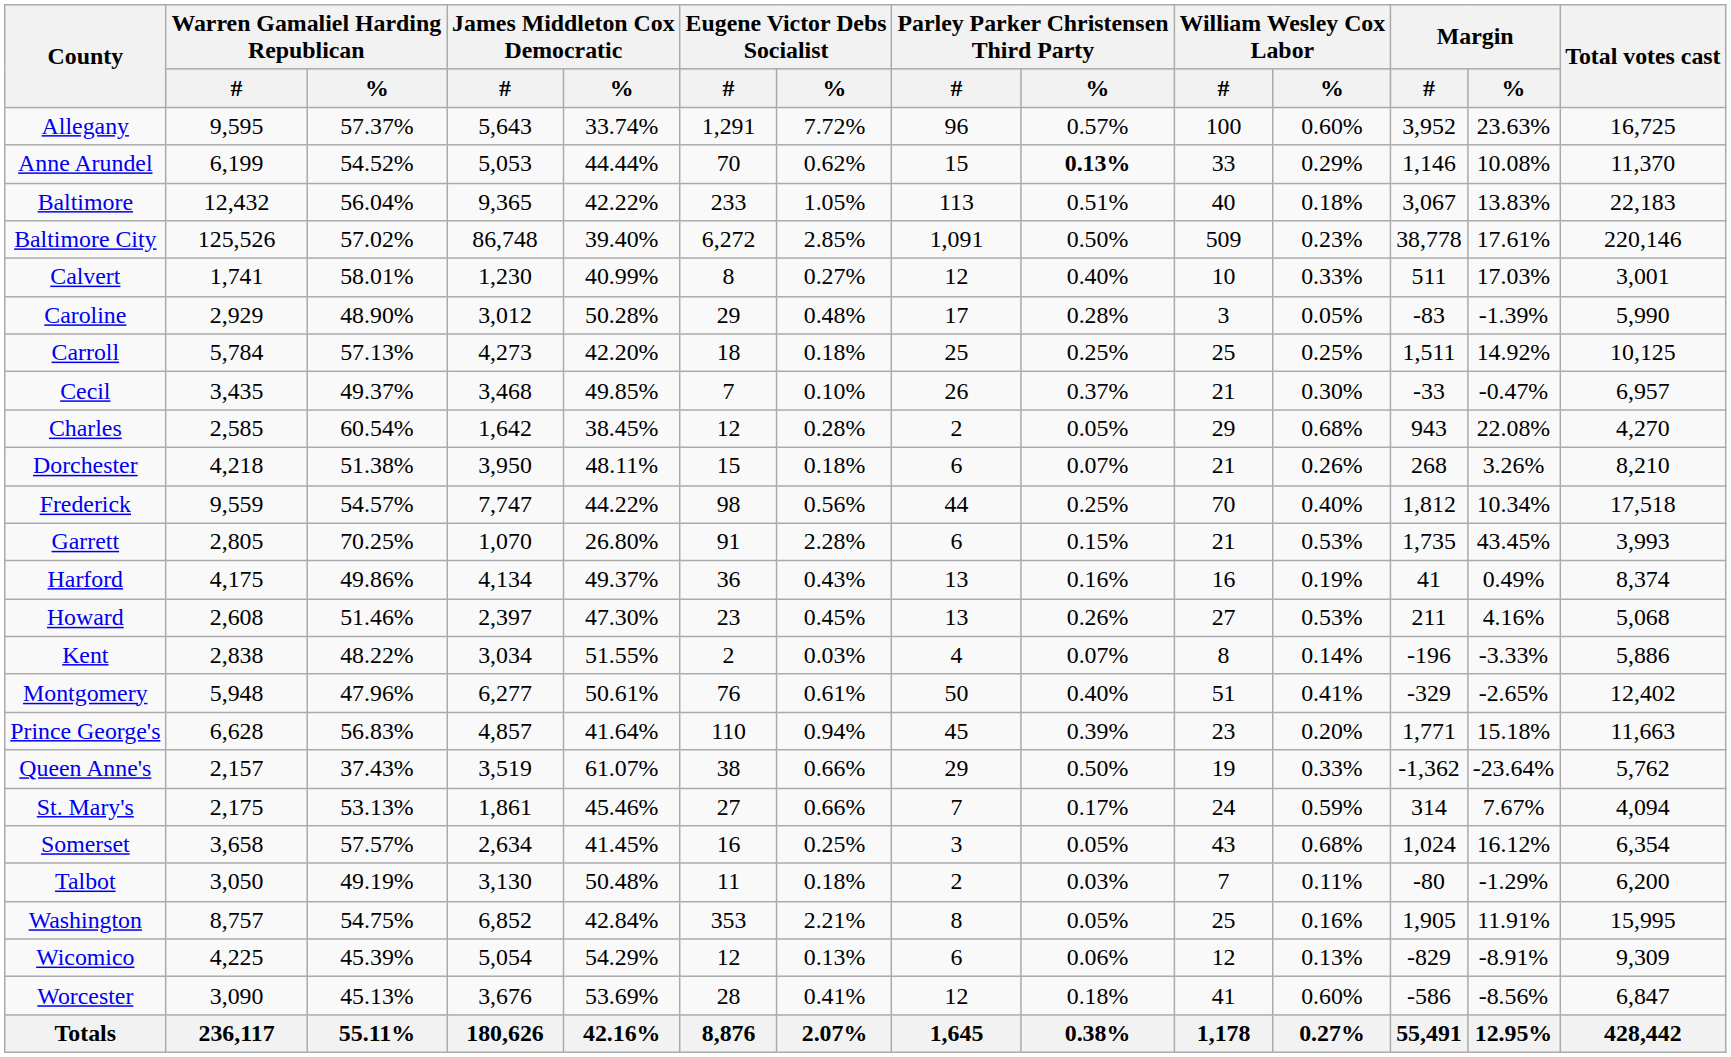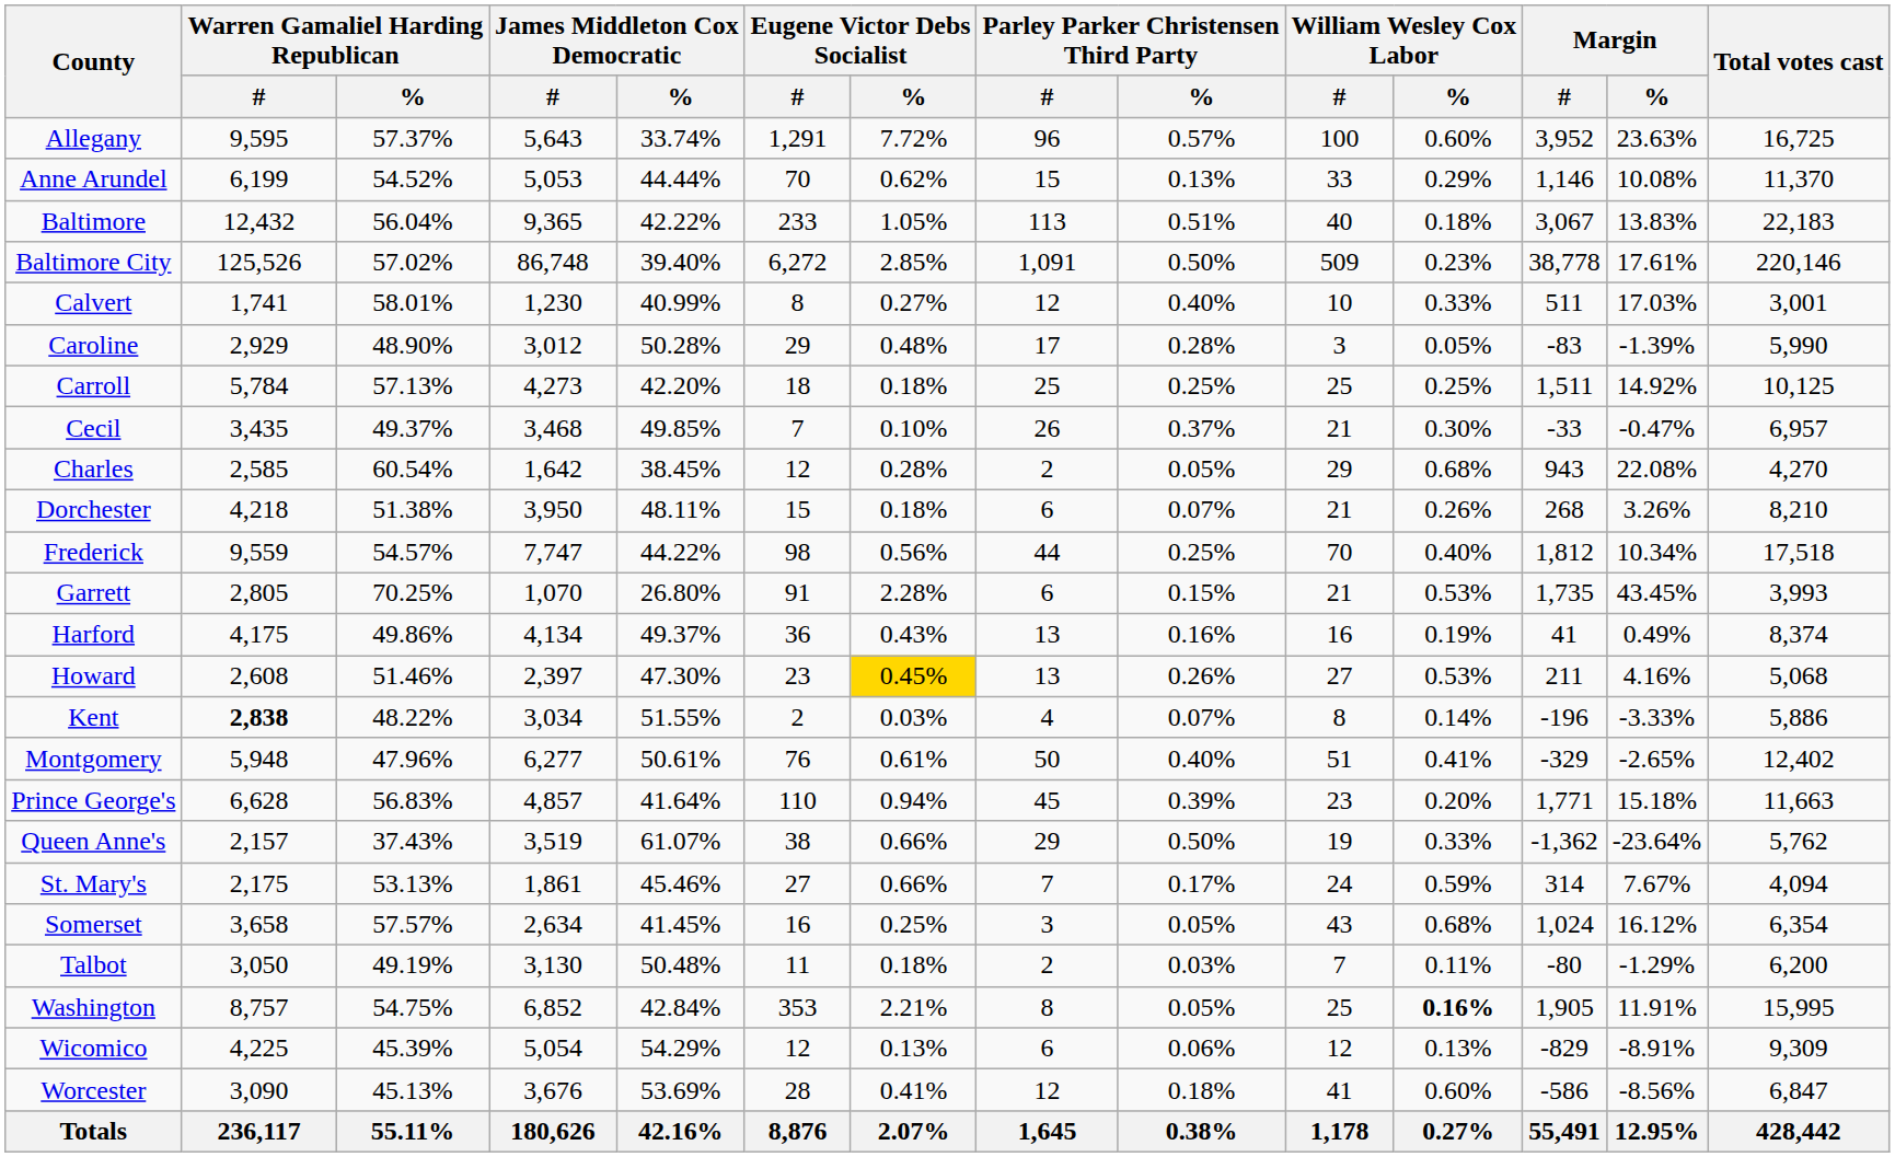 <table class="wikitable sortable" style="text-align:center">
 <tr>
 <th rowspan="2" style="text-align:center;">County</th>
 <th colspan="2" style="text-align:center;">Warren Gamaliel Harding<br>Republican</th>
 <th colspan="2" style="text-align:center;">James Middleton Cox<br>Democratic</th>
 <th colspan="2" style="text-align:center;">Eugene Victor Debs<br>Socialist</th>
 <th colspan="2" style="text-align:center;">Parley Parker Christensen<br>Third Party</th>
 <th colspan="2" style="text-align:center;">William Wesley Cox<br>Labor</th>
 <th colspan="2" style="text-align:center;">Margin</th>
 <th rowspan="2" style="text-align:center;">Total votes cast</th>
 </tr>
 <tr bgcolor="lightgrey">
 <th data-sort-type="number">#</th>
 <th data-sort-type="number">%</th>
 <th data-sort-type="number">#</th>
 <th data-sort-type="number">%</th>
 <th data-sort-type="number">#</th>
 <th data-sort-type="number">%</th>
 <th data-sort-type="number">#</th>
 <th data-sort-type="number">%</th>
 <th data-sort-type="number">#</th>
 <th data-sort-type="number">%</th>
 <th data-sort-type="number">#</th>
 <th data-sort-type="number">%</th>
 </tr>
 <tr style="text-align:center;">
 <td><a href='#'>Allegany</a></td>
 <td>9,595</td>
 <td>57.37%</td>
 <td>5,643</td>
 <td>33.74%</td>
 <td>1,291</td>
 <td>7.72%</td>
 <td>96</td>
 <td>0.57%</td>
 <td>100</td>
 <td>0.60%</td>
 <td>3,952</td>
 <td>23.63%</td>
 <td>16,725</td>
 </tr>
 <tr style="text-align:center;">
 <td><a href='#'>Anne Arundel</a></td>
 <td>6,199</td>
 <td>54.52%</td>
 <td>5,053</td>
 <td>44.44%</td>
 <td>70</td>
 <td>0.62%</td>
 <td>15</td>
-<td><strong>0.13%</strong></td>
+<td>0.13%</td>
 <td>33</td>
 <td>0.29%</td>
 <td>1,146</td>
 <td>10.08%</td>
 <td>11,370</td>
 </tr>
 <tr style="text-align:center;">
 <td><a href='#'>Baltimore</a></td>
 <td>12,432</td>
 <td>56.04%</td>
 <td>9,365</td>
 <td>42.22%</td>
 <td>233</td>
 <td>1.05%</td>
 <td>113</td>
 <td>0.51%</td>
 <td>40</td>
 <td>0.18%</td>
 <td>3,067</td>
 <td>13.83%</td>
 <td>22,183</td>
 </tr>
 <tr style="text-align:center;">
 <td><a href='#'>Baltimore City</a></td>
 <td>125,526</td>
 <td>57.02%</td>
 <td>86,748</td>
 <td>39.40%</td>
 <td>6,272</td>
 <td>2.85%</td>
 <td>1,091</td>
 <td>0.50%</td>
 <td>509</td>
 <td>0.23%</td>
 <td>38,778</td>
 <td>17.61%</td>
 <td>220,146</td>
 </tr>
 <tr style="text-align:center;">
 <td><a href='#'>Calvert</a></td>
 <td>1,741</td>
 <td>58.01%</td>
 <td>1,230</td>
 <td>40.99%</td>
 <td>8</td>
 <td>0.27%</td>
 <td>12</td>
 <td>0.40%</td>
 <td>10</td>
 <td>0.33%</td>
 <td>511</td>
 <td>17.03%</td>
 <td>3,001</td>
 </tr>
 <tr style="text-align:center;">
 <td><a href='#'>Caroline</a></td>
 <td>2,929</td>
 <td>48.90%</td>
 <td>3,012</td>
 <td>50.28%</td>
 <td>29</td>
 <td>0.48%</td>
 <td>17</td>
 <td>0.28%</td>
 <td>3</td>
 <td>0.05%</td>
 <td>-83</td>
 <td>-1.39%</td>
 <td>5,990</td>
 </tr>
 <tr style="text-align:center;">
 <td><a href='#'>Carroll</a></td>
 <td>5,784</td>
 <td>57.13%</td>
 <td>4,273</td>
 <td>42.20%</td>
 <td>18</td>
 <td>0.18%</td>
 <td>25</td>
 <td>0.25%</td>
 <td>25</td>
 <td>0.25%</td>
 <td>1,511</td>
 <td>14.92%</td>
 <td>10,125</td>
 </tr>
 <tr style="text-align:center;">
 <td><a href='#'>Cecil</a></td>
 <td>3,435</td>
 <td>49.37%</td>
 <td>3,468</td>
 <td>49.85%</td>
 <td>7</td>
 <td>0.10%</td>
 <td>26</td>
 <td>0.37%</td>
 <td>21</td>
 <td>0.30%</td>
 <td>-33</td>
 <td>-0.47%</td>
 <td>6,957</td>
 </tr>
 <tr style="text-align:center;">
 <td><a href='#'>Charles</a></td>
 <td>2,585</td>
 <td>60.54%</td>
 <td>1,642</td>
 <td>38.45%</td>
 <td>12</td>
 <td>0.28%</td>
 <td>2</td>
 <td>0.05%</td>
 <td>29</td>
 <td>0.68%</td>
 <td>943</td>
 <td>22.08%</td>
 <td>4,270</td>
 </tr>
 <tr style="text-align:center;">
 <td><a href='#'>Dorchester</a></td>
 <td>4,218</td>
 <td>51.38%</td>
 <td>3,950</td>
 <td>48.11%</td>
 <td>15</td>
 <td>0.18%</td>
 <td>6</td>
 <td>0.07%</td>
 <td>21</td>
 <td>0.26%</td>
 <td>268</td>
 <td>3.26%</td>
 <td>8,210</td>
 </tr>
 <tr style="text-align:center;">
 <td><a href='#'>Frederick</a></td>
 <td>9,559</td>
 <td>54.57%</td>
 <td>7,747</td>
 <td>44.22%</td>
 <td>98</td>
 <td>0.56%</td>
 <td>44</td>
 <td>0.25%</td>
 <td>70</td>
 <td>0.40%</td>
 <td>1,812</td>
 <td>10.34%</td>
 <td>17,518</td>
 </tr>
 <tr style="text-align:center;">
 <td><a href='#'>Garrett</a></td>
 <td>2,805</td>
 <td>70.25%</td>
 <td>1,070</td>
 <td>26.80%</td>
 <td>91</td>
 <td>2.28%</td>
 <td>6</td>
 <td>0.15%</td>
 <td>21</td>
 <td>0.53%</td>
 <td>1,735</td>
 <td>43.45%</td>
 <td>3,993</td>
 </tr>
 <tr style="text-align:center;">
 <td><a href='#'>Harford</a></td>
 <td>4,175</td>
 <td>49.86%</td>
 <td>4,134</td>
 <td>49.37%</td>
 <td>36</td>
 <td>0.43%</td>
 <td>13</td>
 <td>0.16%</td>
 <td>16</td>
 <td>0.19%</td>
 <td>41</td>
 <td>0.49%</td>
 <td>8,374</td>
 </tr>
 <tr style="text-align:center;">
 <td><a href='#'>Howard</a></td>
 <td>2,608</td>
 <td>51.46%</td>
 <td>2,397</td>
 <td>47.30%</td>
 <td>23</td>
-<td>0.45%</td>
+<td style="background: gold;">0.45%</td>
 <td>13</td>
 <td>0.26%</td>
 <td>27</td>
 <td>0.53%</td>
 <td>211</td>
 <td>4.16%</td>
 <td>5,068</td>
 </tr>
 <tr style="text-align:center;">
 <td><a href='#'>Kent</a></td>
-<td>2,838</td>
+<td><strong>2,838</strong></td>
 <td>48.22%</td>
 <td>3,034</td>
 <td>51.55%</td>
 <td>2</td>
 <td>0.03%</td>
 <td>4</td>
 <td>0.07%</td>
 <td>8</td>
 <td>0.14%</td>
 <td>-196</td>
 <td>-3.33%</td>
 <td>5,886</td>
 </tr>
 <tr style="text-align:center;">
 <td><a href='#'>Montgomery</a></td>
 <td>5,948</td>
 <td>47.96%</td>
 <td>6,277</td>
 <td>50.61%</td>
 <td>76</td>
 <td>0.61%</td>
 <td>50</td>
 <td>0.40%</td>
 <td>51</td>
 <td>0.41%</td>
 <td>-329</td>
 <td>-2.65%</td>
 <td>12,402</td>
 </tr>
 <tr style="text-align:center;">
 <td><a href='#'>Prince George's</a></td>
 <td>6,628</td>
 <td>56.83%</td>
 <td>4,857</td>
 <td>41.64%</td>
 <td>110</td>
 <td>0.94%</td>
 <td>45</td>
 <td>0.39%</td>
 <td>23</td>
 <td>0.20%</td>
 <td>1,771</td>
 <td>15.18%</td>
 <td>11,663</td>
 </tr>
 <tr style="text-align:center;">
 <td><a href='#'>Queen Anne's</a></td>
 <td>2,157</td>
 <td>37.43%</td>
 <td>3,519</td>
 <td>61.07%</td>
 <td>38</td>
 <td>0.66%</td>
 <td>29</td>
 <td>0.50%</td>
 <td>19</td>
 <td>0.33%</td>
 <td>-1,362</td>
 <td>-23.64%</td>
 <td>5,762</td>
 </tr>
 <tr style="text-align:center;">
 <td><a href='#'>St. Mary's</a></td>
 <td>2,175</td>
 <td>53.13%</td>
 <td>1,861</td>
 <td>45.46%</td>
 <td>27</td>
 <td>0.66%</td>
 <td>7</td>
 <td>0.17%</td>
 <td>24</td>
 <td>0.59%</td>
 <td>314</td>
 <td>7.67%</td>
 <td>4,094</td>
 </tr>
 <tr style="text-align:center;">
 <td><a href='#'>Somerset</a></td>
 <td>3,658</td>
 <td>57.57%</td>
 <td>2,634</td>
 <td>41.45%</td>
 <td>16</td>
 <td>0.25%</td>
 <td>3</td>
 <td>0.05%</td>
 <td>43</td>
 <td>0.68%</td>
 <td>1,024</td>
 <td>16.12%</td>
 <td>6,354</td>
 </tr>
 <tr style="text-align:center;">
 <td><a href='#'>Talbot</a></td>
 <td>3,050</td>
 <td>49.19%</td>
 <td>3,130</td>
 <td>50.48%</td>
 <td>11</td>
 <td>0.18%</td>
 <td>2</td>
 <td>0.03%</td>
 <td>7</td>
 <td>0.11%</td>
 <td>-80</td>
 <td>-1.29%</td>
 <td>6,200</td>
 </tr>
 <tr style="text-align:center;">
 <td><a href='#'>Washington</a></td>
 <td>8,757</td>
 <td>54.75%</td>
 <td>6,852</td>
 <td>42.84%</td>
 <td>353</td>
 <td>2.21%</td>
 <td>8</td>
 <td>0.05%</td>
 <td>25</td>
-<td>0.16%</td>
+<td><strong>0.16%</strong></td>
 <td>1,905</td>
 <td>11.91%</td>
 <td>15,995</td>
 </tr>
 <tr style="text-align:center;">
 <td><a href='#'>Wicomico</a></td>
 <td>4,225</td>
 <td>45.39%</td>
 <td>5,054</td>
 <td>54.29%</td>
 <td>12</td>
 <td>0.13%</td>
 <td>6</td>
 <td>0.06%</td>
 <td>12</td>
 <td>0.13%</td>
 <td>-829</td>
 <td>-8.91%</td>
 <td>9,309</td>
 </tr>
 <tr style="text-align:center;">
 <td><a href='#'>Worcester</a></td>
 <td>3,090</td>
 <td>45.13%</td>
 <td>3,676</td>
 <td>53.69%</td>
 <td>28</td>
 <td>0.41%</td>
 <td>12</td>
 <td>0.18%</td>
 <td>41</td>
 <td>0.60%</td>
 <td>-586</td>
 <td>-8.56%</td>
 <td>6,847</td>
 </tr>
 <tr style="text-align:center;">
 <th>Totals</th>
 <th>236,117</th>
 <th>55.11%</th>
 <th>180,626</th>
 <th>42.16%</th>
 <th>8,876</th>
 <th>2.07%</th>
 <th>1,645</th>
 <th>0.38%</th>
 <th>1,178</th>
 <th>0.27%</th>
 <th>55,491</th>
 <th>12.95%</th>
 <th>428,442</th>
 </tr>
 </table>
